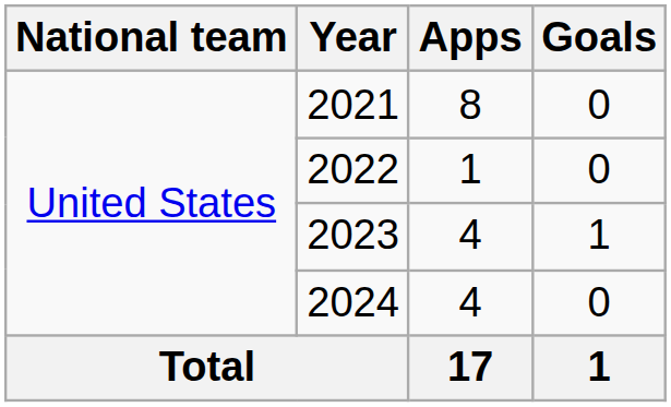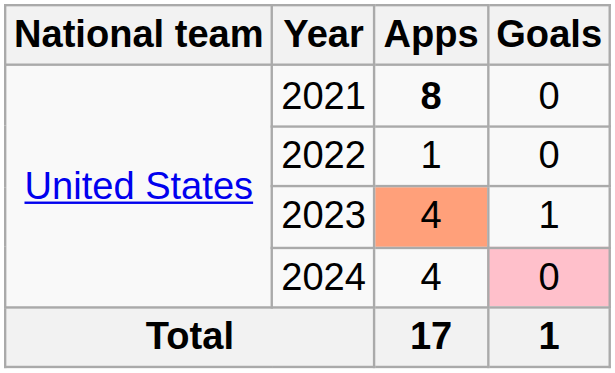 <table class="wikitable" style="text-align:center">
 <tr>
 <th>National team</th>
 <th>Year</th>
 <th>Apps</th>
 <th>Goals</th>
 </tr>
 <tr>
 <td rowspan=4><a href='#'>United States</a></td>
 <td>2021</td>
-<td>8</td>
+<td><strong>8</strong></td>
 <td>0</td>
 </tr>
 <tr>
 <td>2022</td>
 <td>1</td>
 <td>0</td>
 </tr>
 <tr>
 <td>2023</td>
-<td>4</td>
+<td style="background: lightsalmon;">4</td>
 <td>1</td>
 </tr>
 <tr>
 <td>2024</td>
 <td>4</td>
-<td>0</td>
+<td style="background: pink;">0</td>
 </tr>
 <tr>
 <th colspan="2">Total</th>
 <th>17</th>
 <th>1</th>
 </tr>
 </table>
